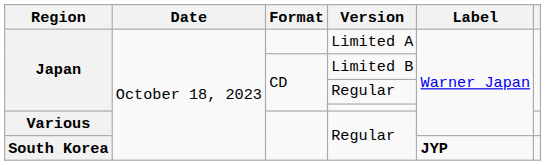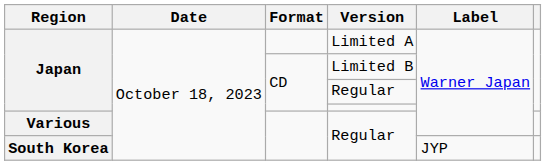 <table class="wikitable plainrowheaders">
 <tr>
 <th scope="col">Region</th>
 <th scope="col">Date</th>
 <th scope="col">Format</th>
 <th scope="col">Version</th>
 <th scope="col">Label</th>
 <th scope="col"></th>
 </tr>
 <tr>
 <th rowspan="4" scope="row">Japan</th>
 <td rowspan="6">October 18, 2023</td>
 <td></td>
 <td>Limited A</td>
 <td rowspan="5"><a href='#'>Warner Japan</a></td>
 <td rowspan="4" style="text-align:center"></td>
 </tr>
 <tr>
 <td rowspan="3">CD</td>
 <td>Limited B</td>
 </tr>
 <tr>
 <td>Regular</td>
 </tr>
 <tr>
 <td></td>
 </tr>
 <tr>
 <th scope="row">Various</th>
 <td rowspan="2"></td>
 <td rowspan="2">Regular</td>
 <td style="text-align:center"></td>
 </tr>
 <tr>
 <th scope="row">South Korea</th>
-<td><strong>JYP</strong></td>
+<td>JYP</td>
 <td style="text-align:center"></td>
 </tr>
 </table>
